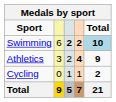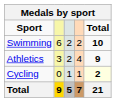 <table class="wikitable" style="text-align:center;font-size:90%">
 <tr style="background:#efefef;">
 <th colspan=7><strong>Medals by sport</strong></th>
 </tr>
 <tr>
 <td><strong>Sport</strong></td>
 <td bgcolor=#f7f6a8></td>
 <td bgcolor=#dce5e5></td>
 <td bgcolor=#ffdab9></td>
 <td><strong>Total</strong></td>
 </tr>
 <tr>
 <td style="text-align:left;"><a href='#'>Swimming</a></td>
 <td style="background:#F7F6A8;">6</td>
-<td style="background:#DCE5E5;"><strong>2</strong></td>
-<td style="background:#FFDAB9;"><strong>2</strong></td>
-<td style="background: lightblue;"><strong>10</strong></td>
+<td style="background:#DCE5E5;">2</td>
+<td style="background:#FFDAB9;">2</td>
+<td><strong>10</strong></td>
 </tr>
 <tr>
 <td style="text-align:left;"><a href='#'>Athletics</a></td>
 <td style="background:#F7F6A8;">3</td>
 <td style="background:#DCE5E5;">2</td>
-<td style="background:#FFDAB9;"><strong>4</strong></td>
+<td style="background:#FFDAB9;">4</td>
 <td><strong>9</strong></td>
 </tr>
 <tr>
 <td style="text-align:left;"><a href='#'>Cycling</a></td>
 <td style="background:#F7F6A8;">0</td>
 <td style="background:#DCE5E5;">1</td>
 <td style="background:#FFDAB9;">1</td>
-<td><strong>2</strong></td>
+<td style="background: lightyellow;"><strong>2</strong></td>
 </tr>
 <tr>
 <th style="text-align:left;"><strong>Total</strong></th>
 <th style="background:gold;"><strong>9</strong></th>
 <th style="background:silver;"><strong>5</strong></th>
 <th style="background:#c96;"><strong>7</strong></th>
 <th><strong>21</strong></th>
 </tr>
 </table>
